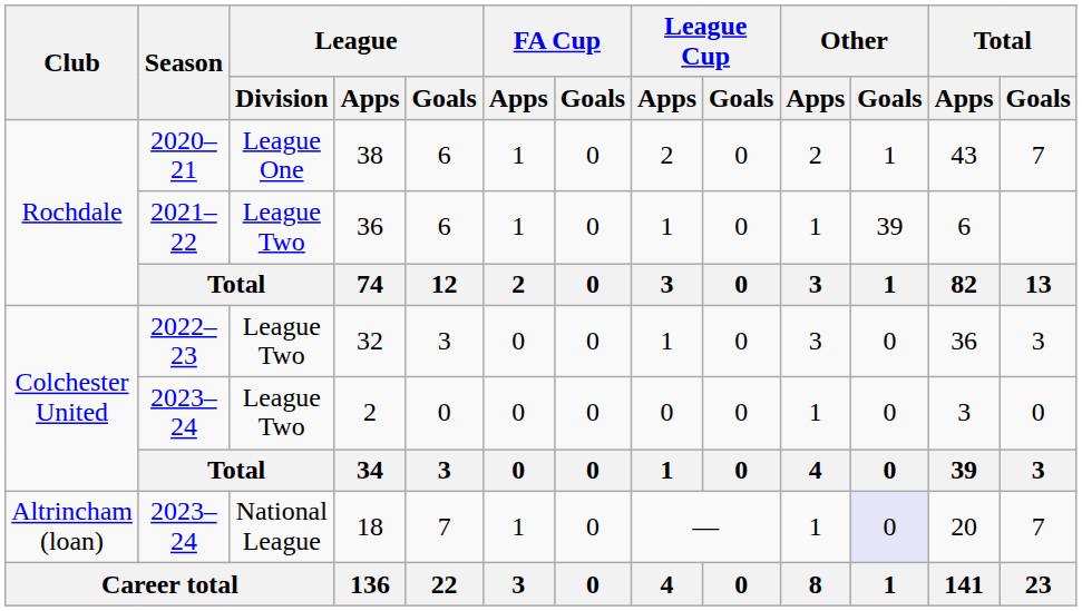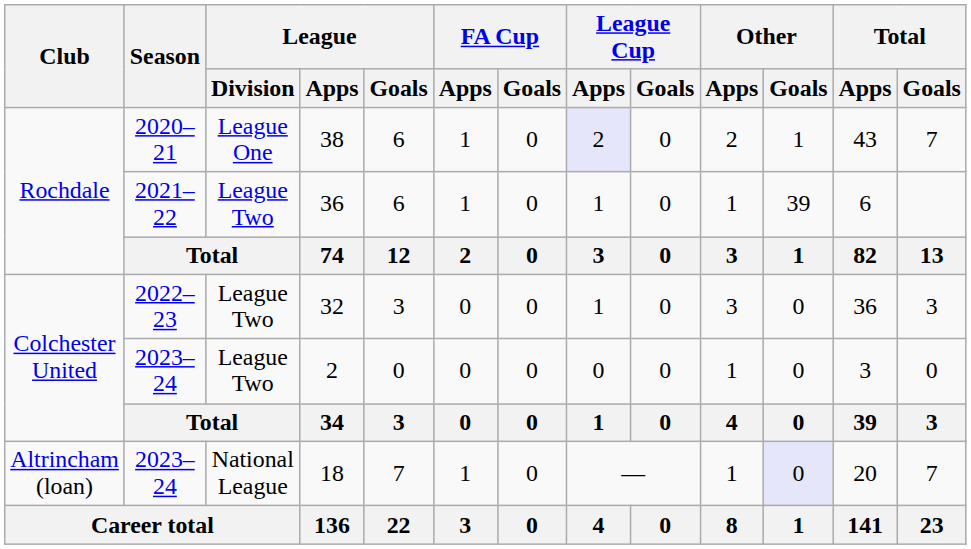 <table class="wikitable" style="text-align: center">
 <tr>
 <th rowspan="2">Club</th>
 <th rowspan="2">Season</th>
 <th colspan="3">League</th>
 <th colspan="2"><a href='#'>FA Cup</a></th>
 <th colspan="2"><a href='#'>League Cup</a></th>
 <th colspan="2">Other</th>
 <th colspan="2">Total</th>
 </tr>
 <tr>
 <th>Division</th>
 <th>Apps</th>
 <th>Goals</th>
 <th>Apps</th>
 <th>Goals</th>
 <th>Apps</th>
 <th>Goals</th>
 <th>Apps</th>
 <th>Goals</th>
 <th>Apps</th>
 <th>Goals</th>
 </tr>
 <tr>
 <td rowspan="3"><a href='#'>Rochdale</a></td>
 <td><a href='#'>2020–21</a></td>
 <td><a href='#'>League One</a></td>
 <td>38</td>
 <td>6</td>
 <td>1</td>
 <td>0</td>
-<td>2</td>
+<td style="background: lavender;">2</td>
 <td>0</td>
 <td>2</td>
 <td>1</td>
 <td>43</td>
 <td>7</td>
 </tr>
 <tr>
 <td><a href='#'>2021–22</a></td>
 <td><a href='#'>League Two</a></td>
 <td>36</td>
 <td>6</td>
 <td>1</td>
 <td>0</td>
 <td>1</td>
 <td>0</td>
 <td>1</td>
 <td>39</td>
 <td>6</td>
 </tr>
 <tr>
 <th colspan="2">Total</th>
 <th>74</th>
 <th>12</th>
 <th>2</th>
 <th>0</th>
 <th>3</th>
 <th>0</th>
 <th>3</th>
 <th>1</th>
 <th>82</th>
 <th>13</th>
 </tr>
 <tr>
 <td rowspan="3"><a href='#'>Colchester United</a></td>
 <td><a href='#'>2022–23</a></td>
 <td>League Two</td>
 <td>32</td>
 <td>3</td>
 <td>0</td>
 <td>0</td>
 <td>1</td>
 <td>0</td>
 <td>3</td>
 <td>0</td>
 <td>36</td>
 <td>3</td>
 </tr>
 <tr>
 <td><a href='#'>2023–24</a></td>
 <td>League Two</td>
 <td>2</td>
 <td>0</td>
 <td>0</td>
 <td>0</td>
 <td>0</td>
 <td>0</td>
 <td>1</td>
 <td>0</td>
 <td>3</td>
 <td>0</td>
 </tr>
 <tr>
 <th colspan="2">Total</th>
 <th>34</th>
 <th>3</th>
 <th>0</th>
 <th>0</th>
 <th>1</th>
 <th>0</th>
 <th>4</th>
 <th>0</th>
 <th>39</th>
 <th>3</th>
 </tr>
 <tr>
 <td><a href='#'>Altrincham</a> (loan)</td>
 <td><a href='#'>2023–24</a></td>
 <td>National League</td>
 <td>18</td>
 <td>7</td>
 <td>1</td>
 <td>0</td>
 <td colspan="2">—</td>
 <td>1</td>
 <td style="background: lavender;">0</td>
 <td>20</td>
 <td>7</td>
 </tr>
 <tr>
 <th colspan="3">Career total</th>
 <th>136</th>
 <th>22</th>
 <th>3</th>
 <th>0</th>
 <th>4</th>
 <th>0</th>
 <th>8</th>
 <th>1</th>
 <th>141</th>
 <th>23</th>
 </tr>
 </table>
